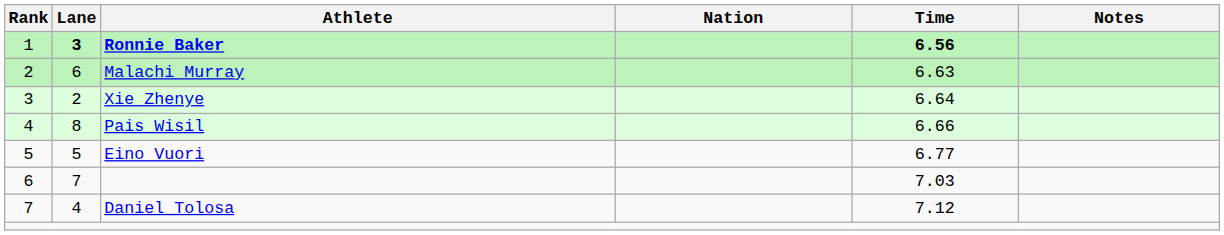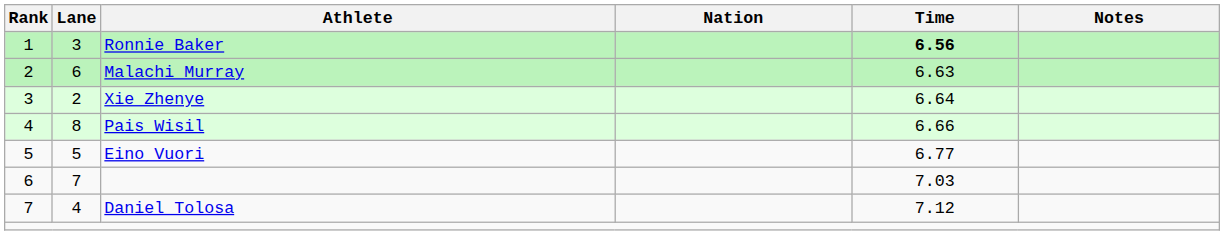 <table class="wikitable sortable" style="text-align:center;width: 60%;">
 <tr>
 <th scope="col" style="width: 10px;">Rank</th>
 <th scope="col" style="width: 10px;">Lane</th>
 <th scope="col">Athlete</th>
 <th scope="col">Nation</th>
 <th scope="col">Time</th>
 <th scope="col">Notes</th>
 </tr>
 <tr bgcolor=bbf3bb>
 <td>1</td>
-<td><strong>3</strong></td>
-<td align=left><strong><a href='#'>Ronnie Baker</a></strong></td>
+<td>3</td>
+<td align=left><a href='#'>Ronnie Baker</a></td>
 <td align=left></td>
 <td><strong>6.56</strong></td>
 <td></td>
 </tr>
 <tr bgcolor=bbf3bb>
 <td>2</td>
 <td>6</td>
 <td align=left><a href='#'>Malachi Murray</a></td>
 <td align=left></td>
 <td>6.63</td>
 <td></td>
 </tr>
 <tr bgcolor=ddffdd>
 <td>3</td>
 <td>2</td>
 <td align=left><a href='#'>Xie Zhenye</a></td>
 <td align=left></td>
 <td>6.64</td>
 <td></td>
 </tr>
 <tr bgcolor=ddffdd>
 <td>4</td>
 <td>8</td>
 <td align=left><a href='#'>Pais Wisil</a></td>
 <td align=left></td>
 <td>6.66</td>
 <td></td>
 </tr>
 <tr>
 <td>5</td>
 <td>5</td>
 <td align=left><a href='#'>Eino Vuori</a></td>
 <td align=left></td>
 <td>6.77</td>
 <td></td>
 </tr>
 <tr>
 <td>6</td>
 <td>7</td>
 <td align=left></td>
 <td align=left></td>
 <td>7.03</td>
 <td></td>
 </tr>
 <tr>
 <td>7</td>
 <td>4</td>
 <td align=left><a href='#'>Daniel Tolosa</a></td>
 <td align=left></td>
 <td>7.12</td>
 <td></td>
 </tr>
 <tr class="sortbottom">
 <td colspan="6"></td>
 </tr>
 </table>
